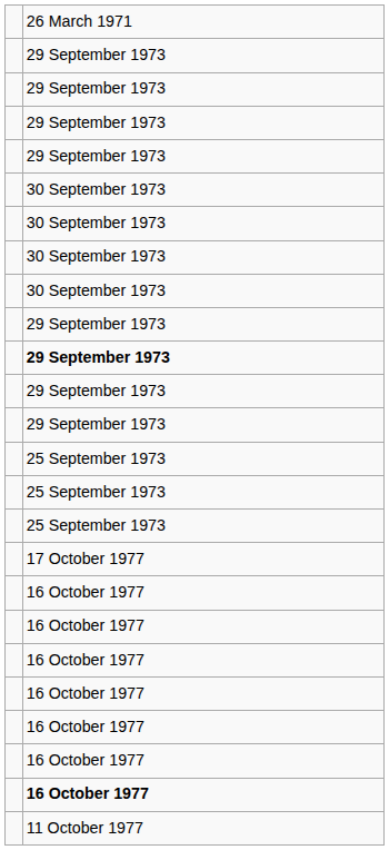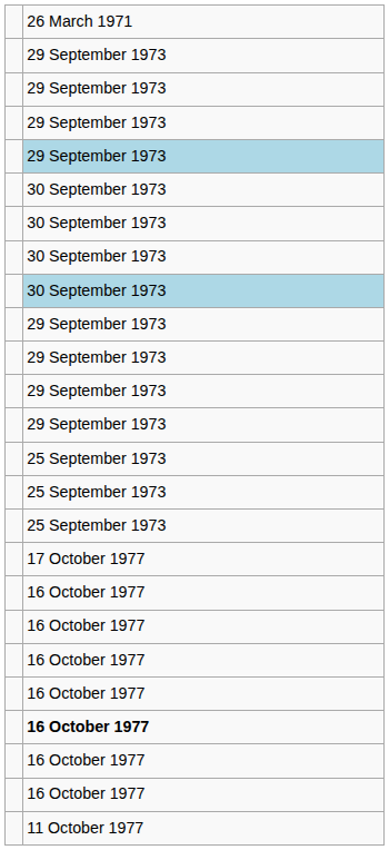 <table class="wikitable" style="font-size: 89%; float: left; width: 24em; margin-right: 1em; line-height: 1.65em">
 <tr>
 <td></td>
 <td>26 March 1971</td>
 </tr>
 <tr>
 <td></td>
 <td>29 September 1973</td>
 </tr>
 <tr>
 <td></td>
 <td>29 September 1973</td>
 </tr>
 <tr>
 <td></td>
 <td>29 September 1973</td>
 </tr>
 <tr>
 <td></td>
-<td>29 September 1973</td>
+<td style="background: lightblue;">29 September 1973</td>
 </tr>
 <tr>
 <td></td>
 <td>30 September 1973</td>
 </tr>
 <tr>
 <td></td>
 <td>30 September 1973</td>
 </tr>
 <tr>
 <td></td>
 <td>30 September 1973</td>
 </tr>
 <tr>
 <td></td>
-<td>30 September 1973</td>
+<td style="background: lightblue;">30 September 1973</td>
 </tr>
 <tr>
 <td></td>
 <td>29 September 1973</td>
 </tr>
 <tr>
 <td></td>
-<td><strong>29 September 1973</strong></td>
+<td>29 September 1973</td>
 </tr>
 <tr>
 <td></td>
 <td>29 September 1973</td>
 </tr>
 <tr>
 <td></td>
 <td>29 September 1973</td>
 </tr>
 <tr>
 <td></td>
 <td>25 September 1973</td>
 </tr>
 <tr>
 <td></td>
 <td>25 September 1973</td>
 </tr>
 <tr>
 <td></td>
 <td>25 September 1973</td>
 </tr>
 <tr>
 <td></td>
 <td>17 October 1977</td>
 </tr>
 <tr>
 <td></td>
 <td>16 October 1977</td>
 </tr>
 <tr>
 <td></td>
 <td>16 October 1977</td>
 </tr>
 <tr>
 <td></td>
 <td>16 October 1977</td>
 </tr>
 <tr>
 <td></td>
 <td>16 October 1977</td>
 </tr>
 <tr>
 <td></td>
+<td><strong>16 October 1977</strong></td>
+</tr>
+<tr>
+<td></td>
 <td>16 October 1977</td>
 </tr>
 <tr>
 <td></td>
 <td>16 October 1977</td>
 </tr>
 <tr>
 <td></td>
-<td><strong>16 October 1977</strong></td>
-</tr>
-<tr>
-<td></td>
 <td>11 October 1977</td>
 </tr>
 </table>
